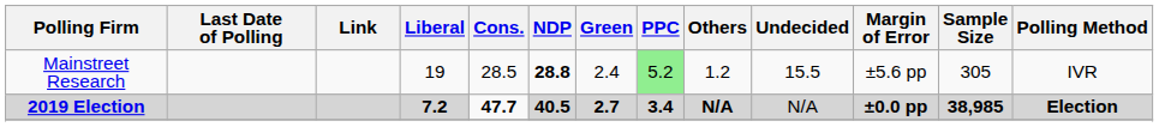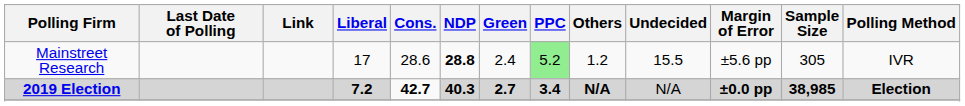 <table class="wikitable sortable" style="text-align:center;font-size:90%;line-height:14px;">
 <tr style="background:#e9e9e9;">
 <th style="width:120px">Polling Firm</th>
 <th style="width:110px">Last Date<br>of Polling</th>
 <th style="width:60px" class="unsortable">Link</th>
 <th style="background-color:"><a href='#'>Liberal</a></th>
 <th style="background-color:"><a href='#'>Cons.</a></th>
 <th style="background-color:"><a href='#'>NDP</a></th>
 <th style="background-color:"><a href='#'>Green</a></th>
 <th style="background-color:"><a href='#'><span>PPC</span></a></th>
 <th style="background-color:">Others</th>
 <th style="background-color:">Undecided</th>
 <th style="width:60px;" class=unsortable>Margin<br>of Error</th>
 <th style="width:50px;" class=unsortable>Sample<br>Size</th>
 <th class=unsortable>Polling Method</th>
 </tr>
 <tr>
 <td><a href='#'>Mainstreet Research</a></td>
 <td></td>
 <td></td>
-<td>19</td>
-<td>28.5</td>
+<td>17</td>
+<td>28.6</td>
 <td><strong>28.8</strong></td>
 <td>2.4</td>
 <td style="background: lightgreen;">5.2</td>
 <td>1.2</td>
 <td>15.5</td>
 <td>±5.6 pp</td>
 <td>305</td>
 <td>IVR</td>
 </tr>
 <tr>
 <td style="background:#D5D5D5"><strong><a href='#'>2019 Election</a></strong></td>
 <td style="background:#D5D5D5"><strong></strong></td>
 <td style="background:#D5D5D5"></td>
 <td style="background:#D5D5D5"><strong>7.2</strong></td>
-<td><strong>47.7</strong></td>
-<td style="background:#D5D5D5"><strong>40.5</strong></td>
+<td><strong>42.7</strong></td>
+<td style="background:#D5D5D5"><strong>40.3</strong></td>
 <td style="background:#D5D5D5"><strong>2.7</strong></td>
 <td style="background:#D5D5D5"><strong>3.4</strong></td>
 <td style="background:#D5D5D5"><strong>N/A</strong></td>
 <td style="background:#D5D5D5">N/A</td>
 <td style="background:#D5D5D5"><strong>±0.0 pp</strong></td>
 <td style="background:#D5D5D5"><strong>38,985</strong></td>
 <td style="background:#D5D5D5"><strong>Election</strong></td>
 </tr>
 <tr>
 </tr>
 <tr>
 </tr>
 </table>
